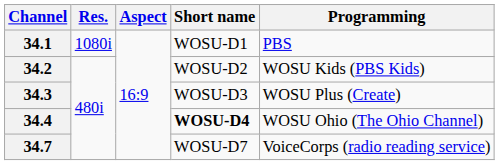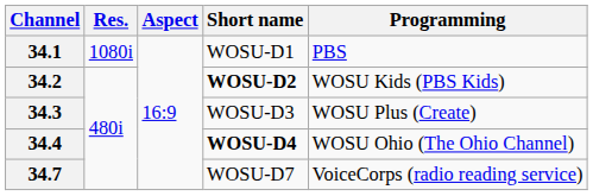 <table class="wikitable">
 <tr>
 <th scope = "col"><a href='#'>Channel</a></th>
 <th scope = "col"><a href='#'>Res.</a></th>
 <th scope = "col"><a href='#'>Aspect</a></th>
 <th scope = "col">Short name</th>
 <th scope = "col">Programming</th>
 </tr>
 <tr>
 <th scope = "row">34.1</th>
 <td><a href='#'>1080i</a></td>
 <td rowspan=5><a href='#'>16:9</a></td>
 <td>WOSU-D1</td>
 <td><a href='#'>PBS</a></td>
 </tr>
 <tr>
 <th scope = "row">34.2</th>
 <td rowspan=4><a href='#'>480i</a></td>
-<td>WOSU-D2</td>
+<td><strong>WOSU-D2</strong></td>
 <td>WOSU Kids (<a href='#'>PBS Kids</a>)</td>
 </tr>
 <tr>
 <th scope = "row">34.3</th>
 <td>WOSU-D3</td>
 <td>WOSU Plus (<a href='#'>Create</a>)</td>
 </tr>
 <tr>
 <th scope = "row">34.4</th>
 <td><strong>WOSU-D4</strong></td>
 <td>WOSU Ohio (<a href='#'>The Ohio Channel</a>)</td>
 </tr>
 <tr>
 <th scope = "row">34.7</th>
 <td>WOSU-D7</td>
 <td>VoiceCorps (<a href='#'>radio reading service</a>)</td>
 </tr>
 </table>
